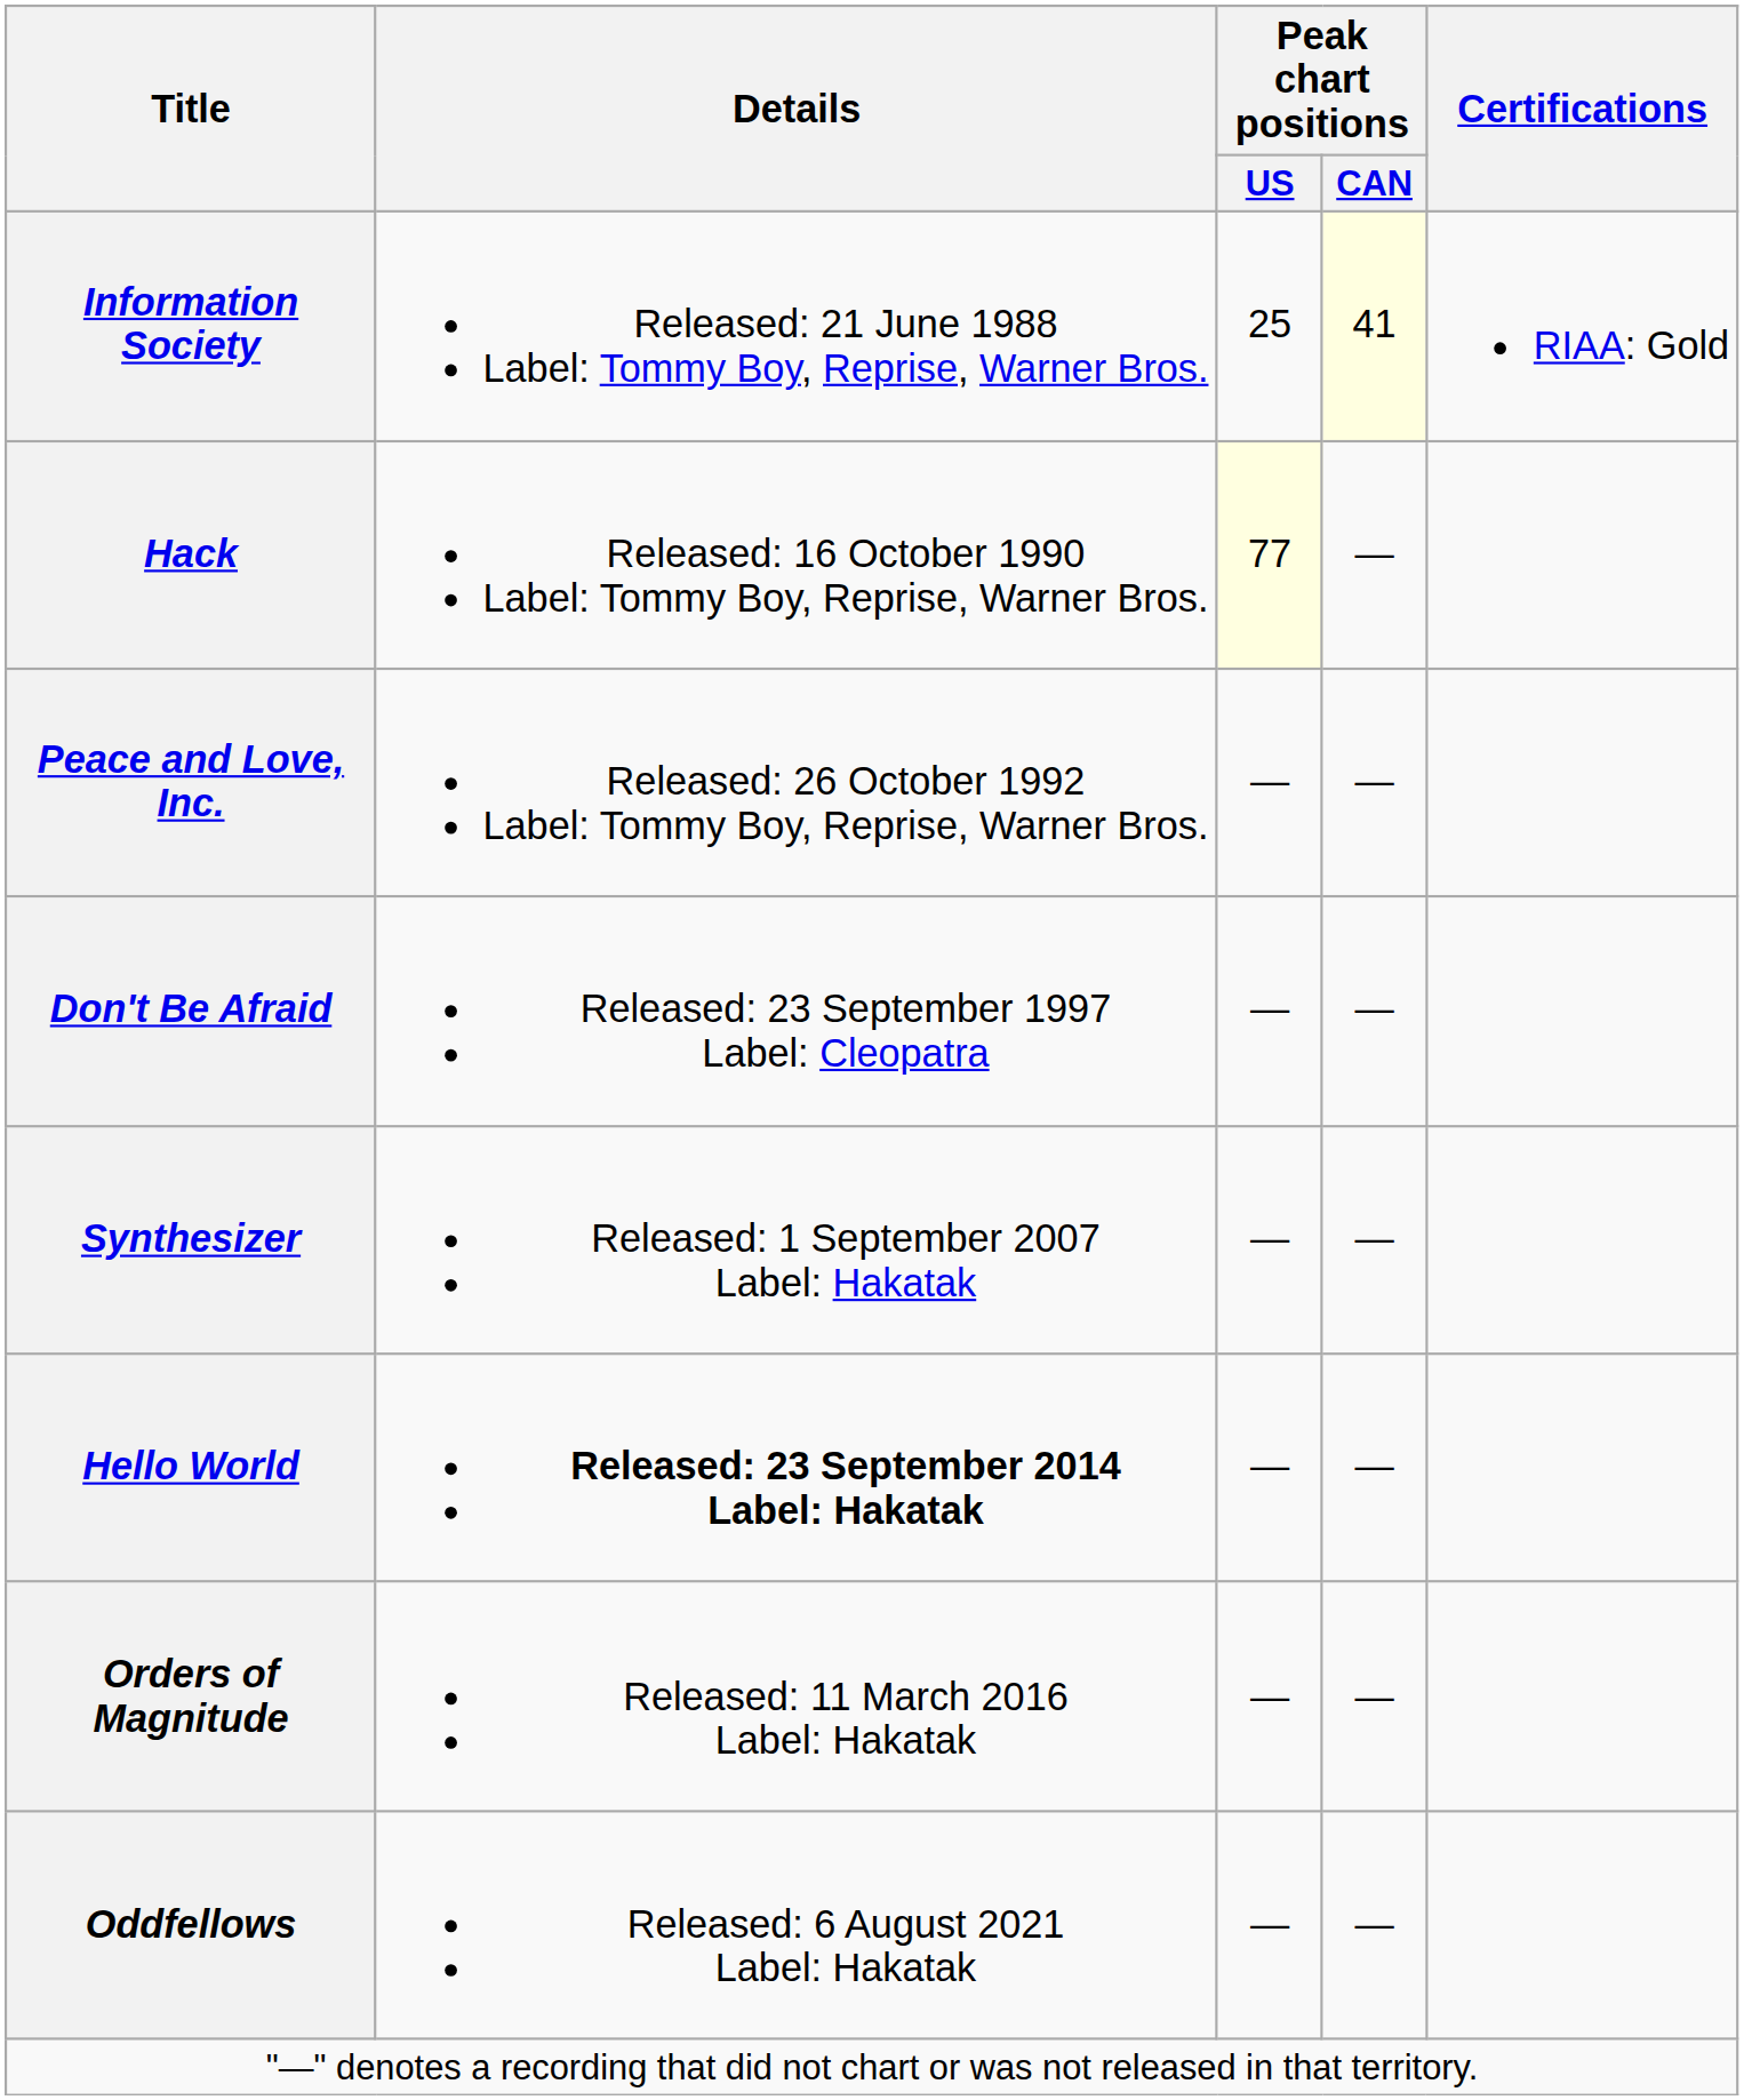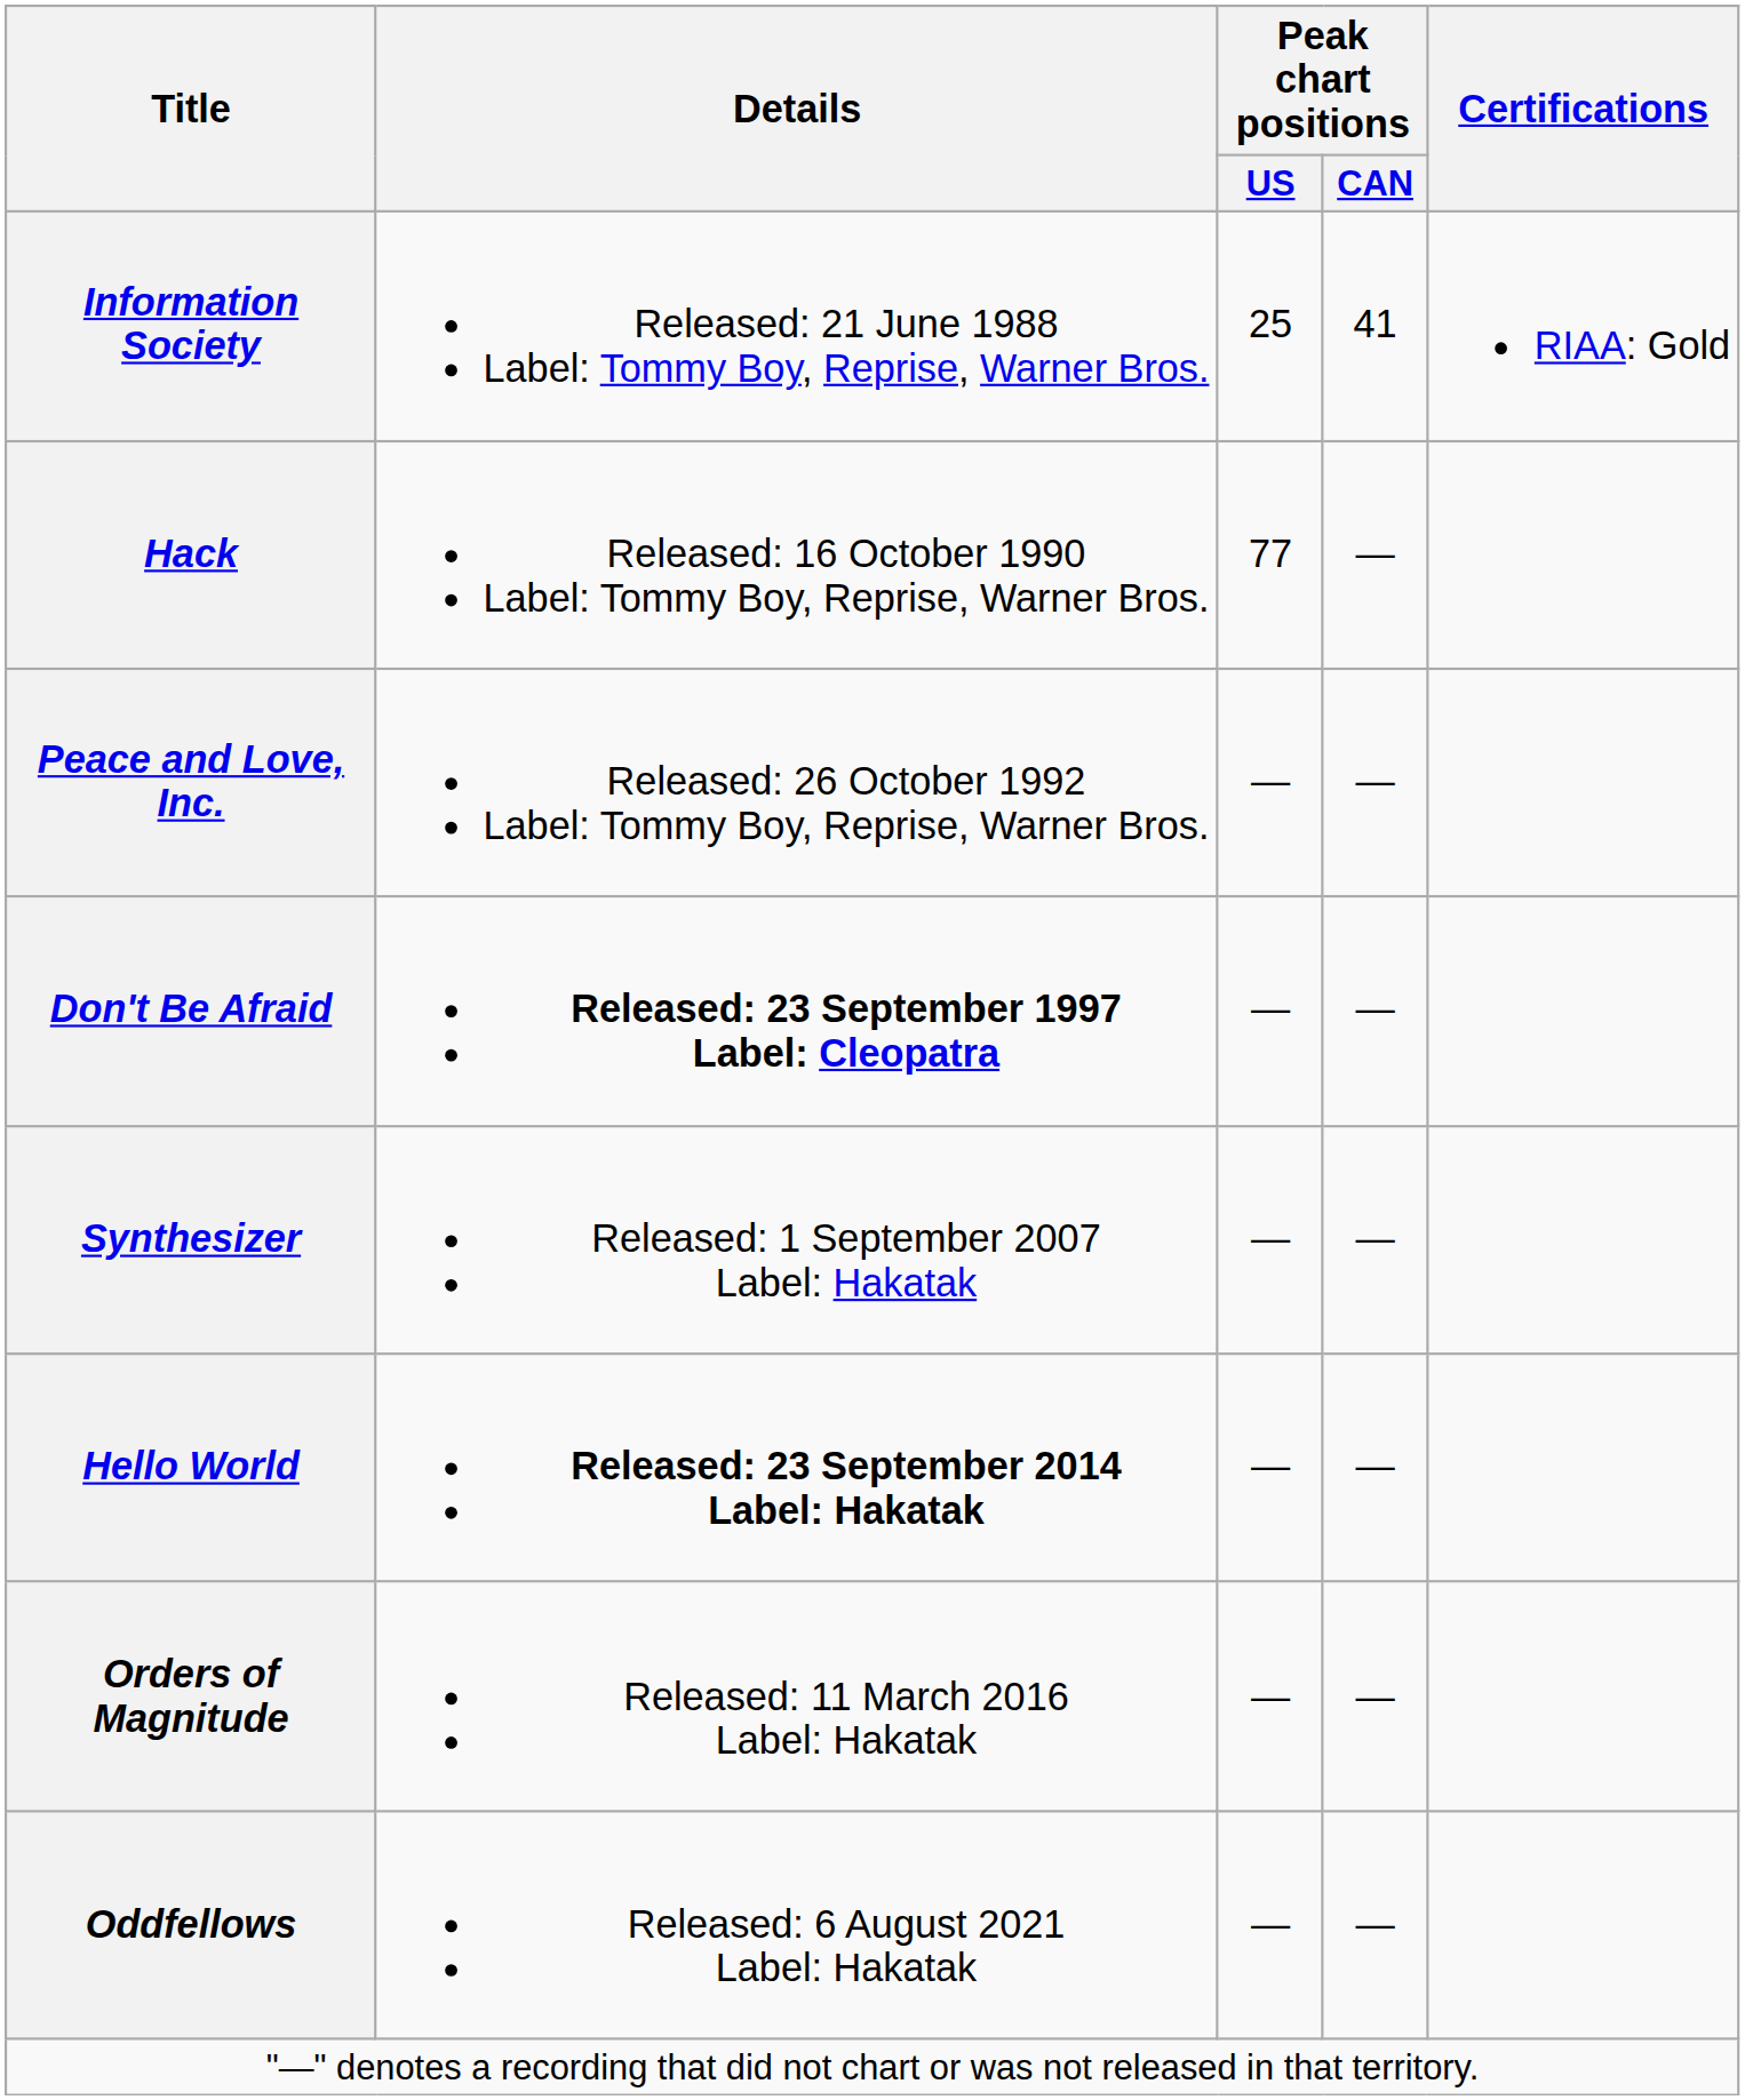 <table class="wikitable plainrowheaders" style="text-align:center;">
 <tr>
 <th scope="col" rowspan="2" style="width:9em;">Title</th>
 <th scope="col" rowspan="2">Details</th>
 <th scope="col" colspan="2">Peak chart positions</th>
 <th scope="col" rowspan="2"><a href='#'>Certifications</a></th>
 </tr>
 <tr>
 <th scope="col" style="width:2.5em;font-size:90%;"><a href='#'>US</a><br></th>
 <th scope="col" style="width:2.5em;font-size:90%;"><a href='#'>CAN</a><br></th>
 </tr>
 <tr>
 <th scope="row"><em><a href='#'>Information Society</a></em></th>
 <td><br><ul><li>Released: 21 June 1988</li><li>Label: <a href='#'>Tommy Boy</a>, <a href='#'>Reprise</a>, <a href='#'>Warner Bros.</a></li></ul></td>
 <td>25</td>
-<td style="background: lightyellow;">41</td>
+<td>41</td>
 <td><br><ul><li><a href='#'>RIAA</a>: Gold</li></ul></td>
 </tr>
 <tr>
 <th scope="row"><em><a href='#'>Hack</a></em></th>
 <td><br><ul><li>Released: 16 October 1990</li><li>Label: Tommy Boy, Reprise, Warner Bros.</li></ul></td>
-<td style="background: lightyellow;">77</td>
+<td>77</td>
 <td>—</td>
 <td></td>
 </tr>
 <tr>
 <th scope="row"><em><a href='#'>Peace and Love, Inc.</a></em></th>
 <td><br><ul><li>Released: 26 October 1992</li><li>Label: Tommy Boy, Reprise, Warner Bros.</li></ul></td>
 <td>—</td>
 <td>—</td>
 <td></td>
 </tr>
 <tr>
 <th scope="row"><em><a href='#'>Don't Be Afraid</a></em></th>
-<td><br><ul><li>Released: 23 September 1997</li><li>Label: <a href='#'>Cleopatra</a></li></ul></td>
+<td><strong><br><ul><li>Released: 23 September 1997</li><li>Label: <a href='#'>Cleopatra</a></li></ul></strong></td>
 <td>—</td>
 <td>—</td>
 <td></td>
 </tr>
 <tr>
 <th scope="row"><em><a href='#'>Synthesizer</a></em></th>
 <td><br><ul><li>Released: 1 September 2007</li><li>Label: <a href='#'>Hakatak</a></li></ul></td>
 <td>—</td>
 <td>—</td>
 <td></td>
 </tr>
 <tr>
 <th scope="row"><em><a href='#'>Hello World</a></em></th>
 <td><strong><br><ul><li>Released: 23 September 2014</li><li>Label: Hakatak</li></ul></strong></td>
 <td>—</td>
 <td>—</td>
 <td></td>
 </tr>
 <tr>
 <th scope="row"><em>Orders of Magnitude</em></th>
 <td><br><ul><li>Released: 11 March 2016</li><li>Label: Hakatak</li></ul></td>
 <td>—</td>
 <td>—</td>
 <td></td>
 </tr>
 <tr>
 <th scope="row"><em>Oddfellows</em></th>
 <td><br><ul><li>Released: 6 August 2021</li><li>Label: Hakatak</li></ul></td>
 <td>—</td>
 <td>—</td>
 <td></td>
 </tr>
 <tr>
 <td colspan="14" style="font-size:90%">"—" denotes a recording that did not chart or was not released in that territory.</td>
 </tr>
 </table>
